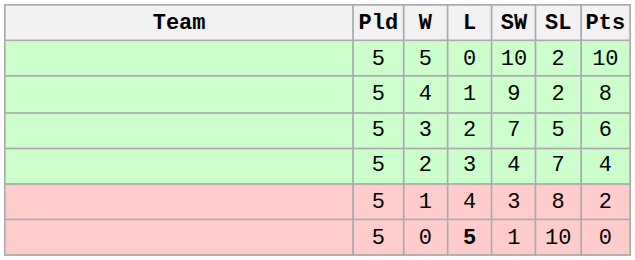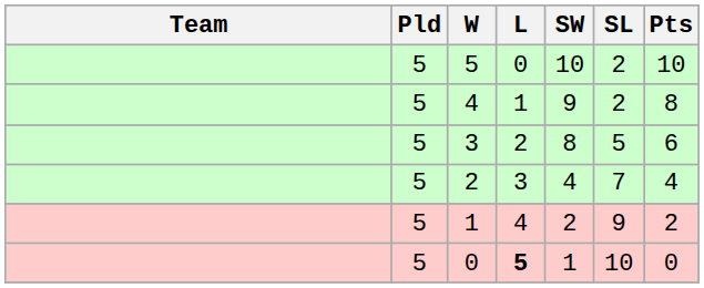 <table class=wikitable style="text-align:center">
 <tr>
 <th width=200>Team</th>
 <th width=20>Pld</th>
 <th width=20>W</th>
 <th width=20>L</th>
 <th width=20>SW</th>
 <th width=20>SL</th>
 <th width=20>Pts</th>
 </tr>
 <tr bgcolor=#ccffcc>
 <td align=left></td>
 <td>5</td>
 <td>5</td>
 <td>0</td>
 <td>10</td>
 <td>2</td>
 <td>10</td>
 </tr>
 <tr bgcolor=#ccffcc>
 <td align=left></td>
 <td>5</td>
 <td>4</td>
 <td>1</td>
 <td>9</td>
 <td>2</td>
 <td>8</td>
 </tr>
 <tr bgcolor=#ccffcc>
 <td align=left></td>
 <td>5</td>
 <td>3</td>
 <td>2</td>
-<td>7</td>
+<td>8</td>
 <td>5</td>
 <td>6</td>
 </tr>
 <tr bgcolor=#ccffcc>
 <td align=left></td>
 <td>5</td>
 <td>2</td>
 <td>3</td>
 <td>4</td>
 <td>7</td>
 <td>4</td>
 </tr>
 <tr bgcolor=#ffcccc>
 <td align=left></td>
 <td>5</td>
 <td>1</td>
 <td>4</td>
-<td>3</td>
-<td>8</td>
+<td>2</td>
+<td>9</td>
 <td>2</td>
 </tr>
 <tr bgcolor=#ffcccc>
 <td align=left></td>
 <td>5</td>
 <td>0</td>
 <td><strong>5</strong></td>
 <td>1</td>
 <td>10</td>
 <td>0</td>
 </tr>
 </table>
